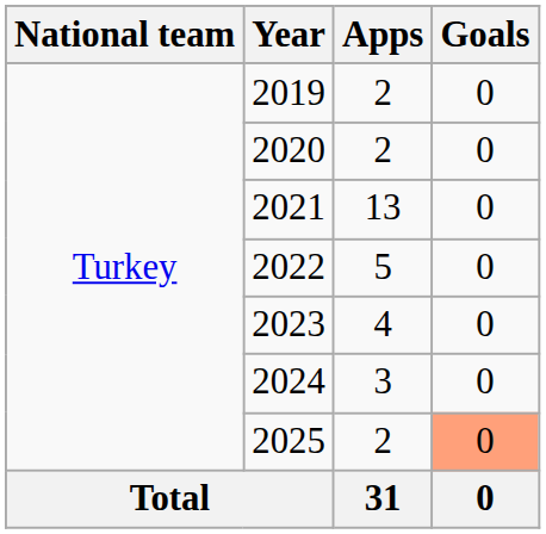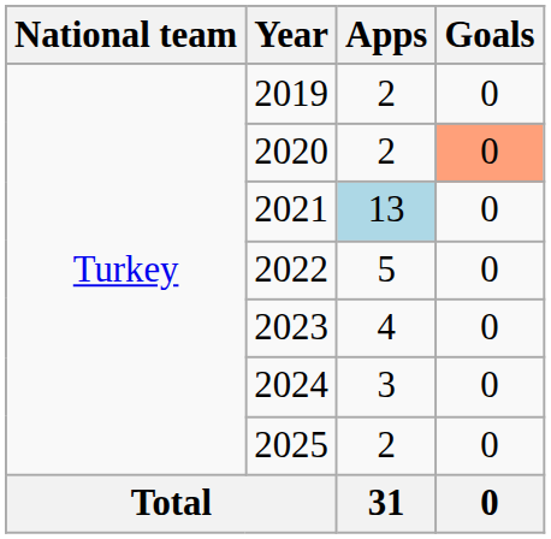 <table class="wikitable" style="text-align:center">
 <tr>
 <th>National team</th>
 <th>Year</th>
 <th>Apps</th>
 <th>Goals</th>
 </tr>
 <tr>
 <td rowspan="7"><a href='#'>Turkey</a></td>
 <td>2019</td>
 <td>2</td>
 <td>0</td>
 </tr>
 <tr>
 <td>2020</td>
 <td>2</td>
-<td>0</td>
+<td style="background: lightsalmon;">0</td>
 </tr>
 <tr>
 <td>2021</td>
-<td>13</td>
+<td style="background: lightblue;">13</td>
 <td>0</td>
 </tr>
 <tr>
 <td>2022</td>
 <td>5</td>
 <td>0</td>
 </tr>
 <tr>
 <td>2023</td>
 <td>4</td>
 <td>0</td>
 </tr>
 <tr>
 <td>2024</td>
 <td>3</td>
 <td>0</td>
 </tr>
 <tr>
 <td>2025</td>
 <td>2</td>
-<td style="background: lightsalmon;">0</td>
+<td>0</td>
 </tr>
 <tr>
 <th colspan="2">Total</th>
 <th>31</th>
 <th>0</th>
 </tr>
 </table>
